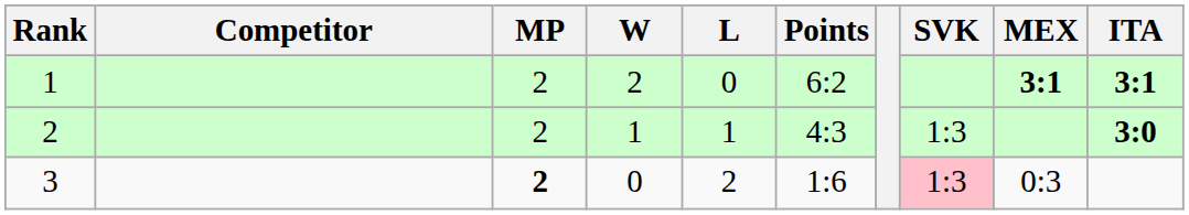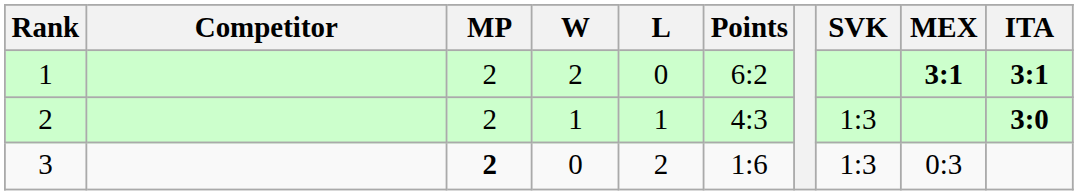 <table class="wikitable" style="text-align:center">
 <tr>
 <th>Rank</th>
 <th style="width:12em">Competitor</th>
 <th style="width:2.5em">MP</th>
 <th style="width:2.5em">W</th>
 <th style="width:2.5em">L</th>
 <th>Points</th>
 <th rowspan="4"> </th>
 <th style="width:2.5em">SVK</th>
 <th style="width:2.5em">MEX</th>
 <th style="width:2.5em">ITA</th>
 </tr>
 <tr style="background:#cfc;">
 <td>1</td>
 <td style="text-align:left"></td>
 <td>2</td>
 <td>2</td>
 <td>0</td>
 <td>6:2</td>
 <td></td>
 <td><strong>3:1</strong></td>
 <td><strong>3:1</strong></td>
 </tr>
 <tr style="background:#cfc;">
 <td>2</td>
 <td style="text-align:left"></td>
 <td>2</td>
 <td>1</td>
 <td>1</td>
 <td>4:3</td>
 <td>1:3</td>
 <td></td>
 <td><strong>3:0</strong></td>
 </tr>
 <tr>
 <td>3</td>
 <td style="text-align:left"></td>
 <td><strong>2</strong></td>
 <td>0</td>
 <td>2</td>
 <td>1:6</td>
-<td style="background: pink;">1:3</td>
+<td>1:3</td>
 <td>0:3</td>
 <td></td>
 </tr>
 </table>
